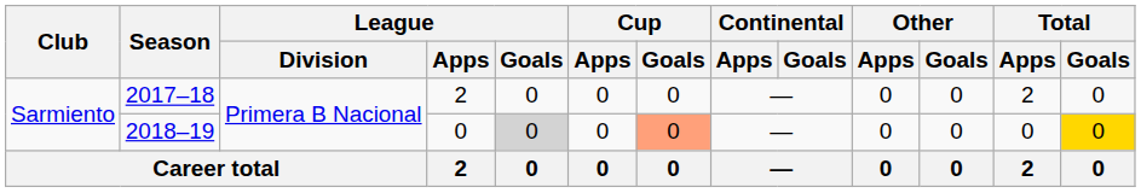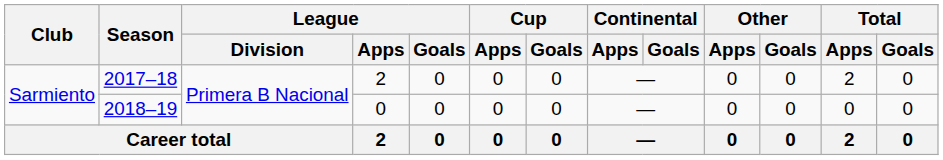 <table class="wikitable" style="text-align:center">
 <tr>
 <th rowspan="2">Club</th>
 <th rowspan="2">Season</th>
 <th colspan="3">League</th>
 <th colspan="2">Cup</th>
 <th colspan="2">Continental</th>
 <th colspan="2">Other</th>
 <th colspan="2">Total</th>
 </tr>
 <tr>
 <th>Division</th>
 <th>Apps</th>
 <th>Goals</th>
 <th>Apps</th>
 <th>Goals</th>
 <th>Apps</th>
 <th>Goals</th>
 <th>Apps</th>
 <th>Goals</th>
 <th>Apps</th>
 <th>Goals</th>
 </tr>
 <tr>
 <td rowspan="2"><a href='#'>Sarmiento</a></td>
 <td><a href='#'>2017–18</a></td>
 <td rowspan="2"><a href='#'>Primera B Nacional</a></td>
 <td>2</td>
 <td>0</td>
 <td>0</td>
 <td>0</td>
 <td colspan="2">—</td>
 <td>0</td>
 <td>0</td>
 <td>2</td>
 <td>0</td>
 </tr>
 <tr>
 <td><a href='#'>2018–19</a></td>
 <td>0</td>
-<td style="background: lightgrey;">0</td>
 <td>0</td>
-<td style="background: lightsalmon;">0</td>
+<td>0</td>
+<td>0</td>
 <td colspan="2">—</td>
 <td>0</td>
 <td>0</td>
 <td>0</td>
-<td style="background: gold;">0</td>
+<td>0</td>
 </tr>
 <tr>
 <th colspan="3">Career total</th>
 <th>2</th>
 <th>0</th>
 <th>0</th>
 <th>0</th>
 <th colspan="2">—</th>
 <th>0</th>
 <th>0</th>
 <th>2</th>
 <th>0</th>
 </tr>
 </table>
